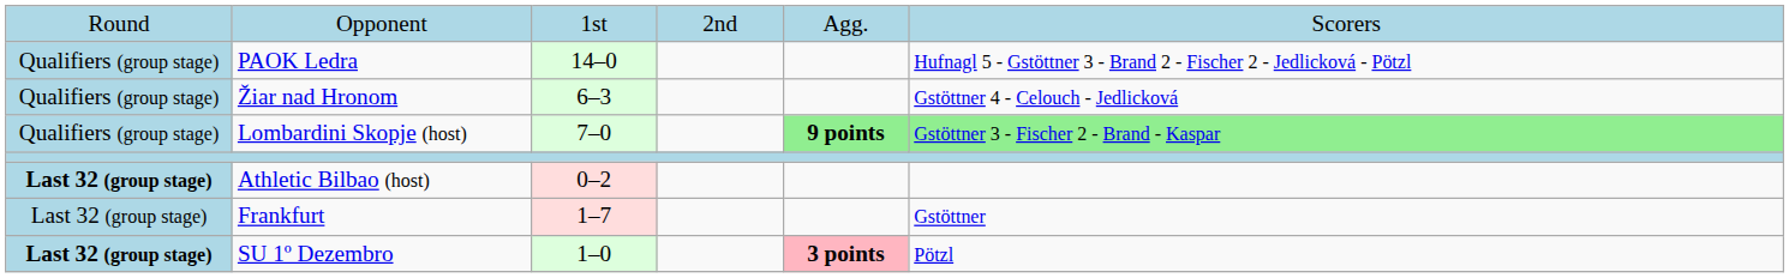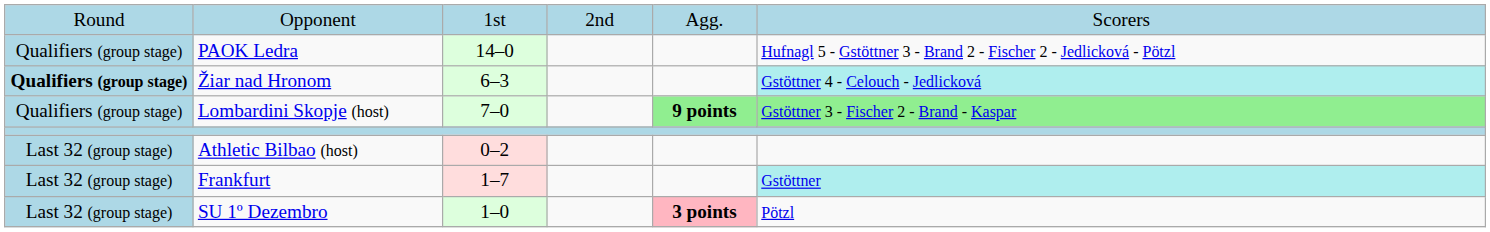 <table class="wikitable" style="text-align:center">
 <tr bgcolor=lightblue>
 <td width=150px>Round</td>
 <td width=200px>Opponent</td>
 <td width=80px>1st</td>
 <td width=80px>2nd</td>
 <td width=80px>Agg.</td>
 <td width=600px>Scorers</td>
 </tr>
 <tr>
 <td bgcolor=lightblue>Qualifiers <small>(group stage)</small></td>
 <td align=left> <a href='#'>PAOK Ledra</a></td>
 <td bgcolor="#ddffdd">14–0</td>
 <td></td>
 <td></td>
 <td align=left><small><a href='#'>Hufnagl</a> 5 - <a href='#'>Gstöttner</a> 3 - <a href='#'>Brand</a> 2 - <a href='#'>Fischer</a> 2 - <a href='#'>Jedlicková</a> - <a href='#'>Pötzl</a></small></td>
 </tr>
 <tr>
-<td bgcolor=lightblue>Qualifiers <small>(group stage)</small></td>
+<td bgcolor=lightblue><strong>Qualifiers <small>(group stage)</small></strong></td>
 <td align=left> <a href='#'>Žiar nad Hronom</a></td>
 <td bgcolor="#ddffdd">6–3</td>
 <td></td>
 <td></td>
-<td align=left><small><a href='#'>Gstöttner</a> 4 - <a href='#'>Celouch</a> - <a href='#'>Jedlicková</a></small></td>
+<td align=left style="background: paleturquoise;"><small><a href='#'>Gstöttner</a> 4 - <a href='#'>Celouch</a> - <a href='#'>Jedlicková</a></small></td>
 </tr>
 <tr>
 <td bgcolor=lightblue>Qualifiers <small>(group stage)</small></td>
 <td align=left> <a href='#'>Lombardini Skopje</a> <small>(host)</small></td>
 <td bgcolor="#ddffdd">7–0</td>
 <td></td>
 <td bgcolor=lightgreen><strong>9 points</strong></td>
 <td align=left style="background: lightgreen;"><small><a href='#'>Gstöttner</a> 3 - <a href='#'>Fischer</a> 2 - <a href='#'>Brand</a> - <a href='#'>Kaspar</a></small></td>
 </tr>
 <tr bgcolor=lightblue>
 <td colspan=6></td>
 </tr>
 <tr>
-<td bgcolor=lightblue><strong>Last 32 <small>(group stage)</small></strong></td>
+<td bgcolor=lightblue>Last 32 <small>(group stage)</small></td>
 <td align=left> <a href='#'>Athletic Bilbao</a> <small>(host)</small></td>
 <td bgcolor="#ffdddd">0–2</td>
 <td></td>
 <td></td>
 <td align=left></td>
 </tr>
 <tr>
 <td bgcolor=lightblue>Last 32 <small>(group stage)</small></td>
 <td align=left> <a href='#'>Frankfurt</a></td>
 <td bgcolor="#ffdddd">1–7</td>
 <td></td>
 <td></td>
-<td align=left><small><a href='#'>Gstöttner</a></small></td>
+<td align=left style="background: paleturquoise;"><small><a href='#'>Gstöttner</a></small></td>
 </tr>
 <tr>
-<td bgcolor=lightblue><strong>Last 32 <small>(group stage)</small></strong></td>
+<td bgcolor=lightblue>Last 32 <small>(group stage)</small></td>
 <td align=left> <a href='#'>SU 1º Dezembro</a></td>
 <td bgcolor="#ddffdd">1–0</td>
 <td></td>
 <td bgcolor=lightpink><strong>3 points</strong></td>
 <td align=left><small><a href='#'>Pötzl</a></small></td>
 </tr>
 <tr>
 </tr>
 </table>
